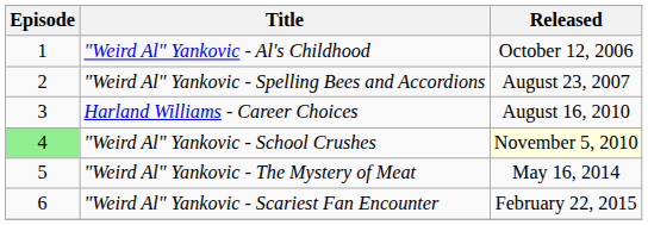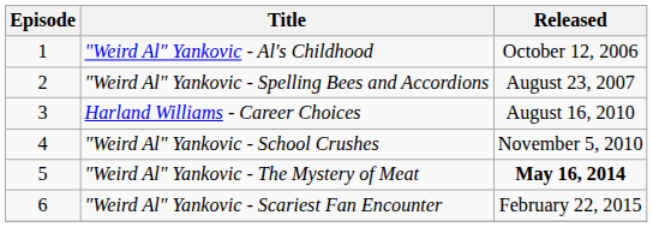 <table class="wikitable">
 <tr>
 <th>Episode</th>
 <th>Title</th>
 <th>Released</th>
 </tr>
 <tr>
 <td align="center">1</td>
 <td><em><a href='#'>"Weird Al" Yankovic</a> - Al's Childhood</em></td>
 <td align="center">October 12, 2006</td>
 </tr>
 <tr>
 <td align="center">2</td>
 <td><em>"Weird Al" Yankovic - Spelling Bees and Accordions</em></td>
 <td align="center">August 23, 2007</td>
 </tr>
 <tr>
 <td align="center">3</td>
 <td><em><a href='#'>Harland Williams</a> - Career Choices</em></td>
 <td align="center">August 16, 2010</td>
 </tr>
 <tr>
-<td align="center" style="background: lightgreen;">4</td>
+<td align="center">4</td>
 <td><em>"Weird Al" Yankovic - School Crushes</em></td>
-<td align="center" style="background: lightyellow;">November 5, 2010</td>
+<td align="center">November 5, 2010</td>
 </tr>
 <tr>
 <td align="center">5</td>
 <td><em>"Weird Al" Yankovic - The Mystery of Meat</em></td>
-<td align="center">May 16, 2014</td>
+<td align="center"><strong>May 16, 2014</strong></td>
 </tr>
 <tr>
 <td align="center">6</td>
 <td><em>"Weird Al" Yankovic - Scariest Fan Encounter</em></td>
 <td align="center">February 22, 2015</td>
 </tr>
 <tr>
 </tr>
 </table>
